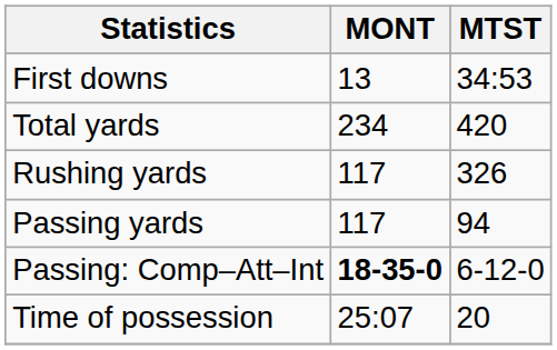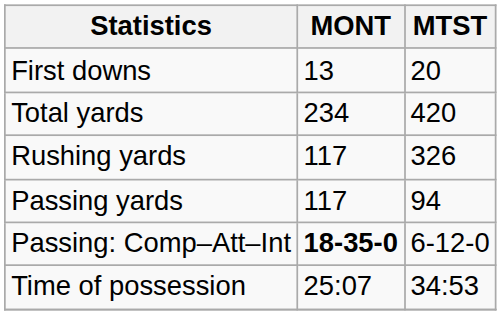 <table class="wikitable" style="float: left;">
 <tr>
 <th>Statistics</th>
 <th>MONT</th>
 <th>MTST</th>
 </tr>
 <tr>
 <td>First downs</td>
 <td>13</td>
-<td>34:53</td>
+<td>20</td>
 </tr>
 <tr>
 <td>Total yards</td>
 <td>234</td>
 <td>420</td>
 </tr>
 <tr>
 <td>Rushing yards</td>
 <td>117</td>
 <td>326</td>
 </tr>
 <tr>
 <td>Passing yards</td>
 <td>117</td>
 <td>94</td>
 </tr>
 <tr>
 <td>Passing: Comp–Att–Int</td>
 <td><strong>18-35-0</strong></td>
 <td>6-12-0</td>
 </tr>
 <tr>
 <td>Time of possession</td>
 <td>25:07</td>
-<td>20</td>
+<td>34:53</td>
 </tr>
 <tr>
 </tr>
 </table>
